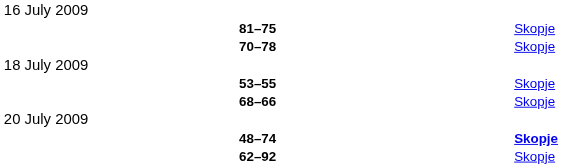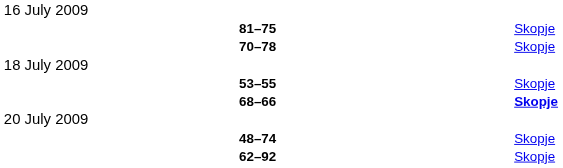 <table style="width:100%;" cellspacing="1">
 <tr>
 <th width=25%></th>
 <th width=3%></th>
 <th width=6%></th>
 <th width=3%></th>
 <th width=25%></th>
 </tr>
 <tr>
 <td>16 July 2009</td>
 </tr>
 <tr style=font-size:90%>
 <td align=right><strong></strong></td>
 <td></td>
 <td align=center><strong>81–75</strong></td>
 <td></td>
 <td><strong></strong></td>
 <td><a href='#'>Skopje</a></td>
 </tr>
 <tr style=font-size:90%>
 <td align=right><strong></strong></td>
 <td></td>
 <td align=center><strong>70–78</strong></td>
 <td></td>
 <td><strong></strong></td>
 <td><a href='#'>Skopje</a></td>
 </tr>
 <tr>
 <td>18 July 2009</td>
 </tr>
 <tr style=font-size:90%>
 <td align=right><strong></strong></td>
 <td></td>
 <td align=center><strong>53–55</strong></td>
 <td></td>
 <td><strong></strong></td>
 <td><a href='#'>Skopje</a></td>
 </tr>
 <tr style=font-size:90%>
 <td align=right><strong></strong></td>
 <td></td>
 <td align=center><strong>68–66</strong></td>
 <td></td>
 <td><strong></strong></td>
-<td><a href='#'>Skopje</a></td>
+<td><strong><a href='#'>Skopje</a></strong></td>
 </tr>
 <tr>
 <td>20 July 2009</td>
 </tr>
 <tr style=font-size:90%>
 <td align=right><strong></strong></td>
 <td></td>
 <td align=center><strong>48–74</strong></td>
 <td></td>
 <td><strong></strong></td>
-<td><strong><a href='#'>Skopje</a></strong></td>
+<td><a href='#'>Skopje</a></td>
 </tr>
 <tr style=font-size:90%>
 <td align=right><strong></strong></td>
 <td></td>
 <td align=center><strong>62–92</strong></td>
 <td></td>
 <td><strong></strong></td>
 <td><a href='#'>Skopje</a></td>
 </tr>
 </table>
